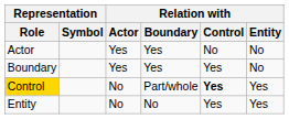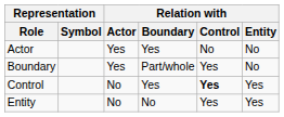 <table class="wikitable">
 <tr>
 <th colspan="2">Representation</th>
 <th colspan="4">Relation with</th>
 </tr>
 <tr>
 <th>Role</th>
 <th>Symbol</th>
 <th>Actor</th>
 <th>Boundary</th>
 <th>Control</th>
 <th>Entity</th>
 </tr>
 <tr>
 <td>Actor</td>
 <td></td>
 <td>Yes</td>
 <td>Yes</td>
 <td>No</td>
 <td>No</td>
 </tr>
 <tr>
 <td>Boundary</td>
 <td></td>
 <td>Yes</td>
-<td>Yes</td>
+<td>Part/whole</td>
 <td>Yes</td>
 <td>No</td>
 </tr>
 <tr>
-<td style="background: gold;">Control</td>
+<td>Control</td>
 <td></td>
 <td>No</td>
-<td>Part/whole</td>
+<td>Yes</td>
 <td><strong>Yes</strong></td>
 <td>Yes</td>
 </tr>
 <tr>
 <td>Entity</td>
 <td></td>
 <td>No</td>
 <td>No</td>
 <td>Yes</td>
 <td>Yes</td>
 </tr>
 </table>
